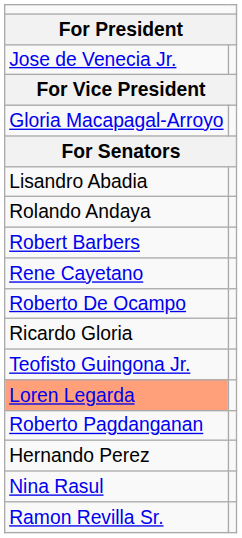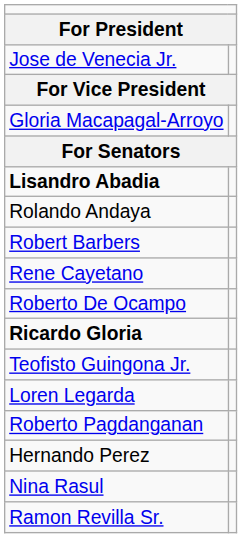 <table class=wikitable style="font-size:90%">
 <tr>
 <td colspan=4 bgcolor=></td>
 </tr>
 <tr>
 <th colspan=5>For President</th>
 </tr>
 <tr>
 <td><a href='#'>Jose de Venecia Jr.</a></td>
 <td></td>
 </tr>
 <tr>
 <th colspan=5>For Vice President</th>
 </tr>
 <tr>
 <td><a href='#'>Gloria Macapagal-Arroyo</a></td>
 <td></td>
 </tr>
 <tr>
 <th colspan=5>For Senators</th>
 </tr>
 <tr>
-<td>Lisandro Abadia</td>
+<td><strong>Lisandro Abadia</strong></td>
 <td></td>
 </tr>
 <tr>
 <td>Rolando Andaya</td>
 <td></td>
 </tr>
 <tr>
 <td><a href='#'>Robert Barbers</a></td>
 <td></td>
 </tr>
 <tr>
 <td><a href='#'>Rene Cayetano</a></td>
 <td></td>
 </tr>
 <tr>
 <td><a href='#'>Roberto De Ocampo</a></td>
 <td></td>
 </tr>
 <tr>
-<td>Ricardo Gloria</td>
+<td><strong>Ricardo Gloria</strong></td>
 <td></td>
 </tr>
 <tr>
 <td><a href='#'>Teofisto Guingona Jr.</a></td>
 <td></td>
 </tr>
 <tr>
-<td style="background: lightsalmon;"><a href='#'>Loren Legarda</a></td>
+<td><a href='#'>Loren Legarda</a></td>
 <td></td>
 </tr>
 <tr>
 <td><a href='#'>Roberto Pagdanganan</a></td>
 <td></td>
 </tr>
 <tr>
 <td>Hernando Perez</td>
 <td></td>
 </tr>
 <tr>
 <td><a href='#'>Nina Rasul</a></td>
 <td></td>
 </tr>
 <tr>
 <td><a href='#'>Ramon Revilla Sr.</a></td>
 <td></td>
 </tr>
 </table>
